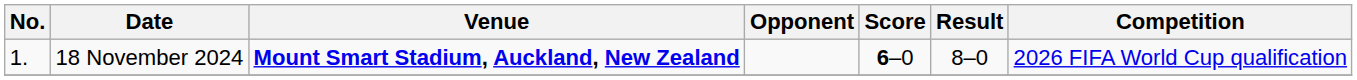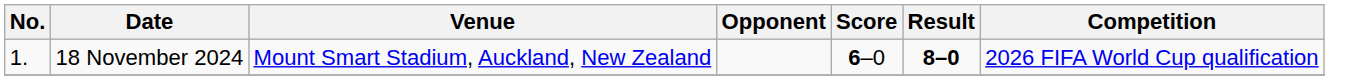 <table class="wikitable">
 <tr>
 <th>No.</th>
 <th>Date</th>
 <th>Venue</th>
 <th>Opponent</th>
 <th>Score</th>
 <th>Result</th>
 <th>Competition</th>
 </tr>
 <tr>
 <td>1.</td>
 <td>18 November 2024</td>
-<td><strong><a href='#'>Mount Smart Stadium</a>, <a href='#'>Auckland</a>, <a href='#'>New Zealand</a></strong></td>
+<td><a href='#'>Mount Smart Stadium</a>, <a href='#'>Auckland</a>, <a href='#'>New Zealand</a></td>
 <td></td>
 <td align=center><strong>6</strong>–0</td>
-<td align=center>8–0</td>
+<td align=center><strong>8–0</strong></td>
 <td><a href='#'>2026 FIFA World Cup qualification</a></td>
 </tr>
 <tr>
 </tr>
 </table>
